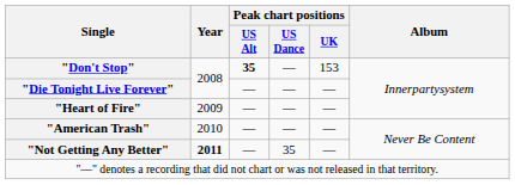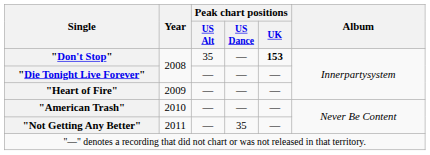 <table class="wikitable plainrowheaders" style="text-align:center;">
 <tr>
 <th scope="col" rowspan="2" style="width:14em;">Single</th>
 <th scope="col" rowspan="2" style="width:2.5em;">Year</th>
 <th scope="col" colspan="3">Peak chart positions</th>
 <th scope="col" rowspan="2" style="width:12em;">Album</th>
 </tr>
 <tr>
 <th scope="col" style="width:3em;font-size:90%;"><a href='#'>US<br>Alt</a><br></th>
 <th scope="col" style="width:3em;font-size:90%;"><a href='#'>US<br>Dance</a><br></th>
 <th scope="col" style="width:3em;font-size:90%;"><a href='#'>UK</a><br></th>
 </tr>
 <tr>
 <th scope="row">"<a href='#'>Don't Stop</a>"</th>
 <td rowspan="2">2008</td>
-<td><strong>35</strong></td>
+<td>35</td>
 <td>—</td>
-<td>153</td>
+<td><strong>153</strong></td>
 <td rowspan="3"><em>Innerpartysystem</em></td>
 </tr>
 <tr>
 <th scope="row">"<a href='#'>Die Tonight Live Forever</a>"</th>
 <td>—</td>
 <td>—</td>
 <td>—</td>
 </tr>
 <tr>
 <th scope="row">"Heart of Fire"</th>
 <td rowspan="1">2009</td>
 <td>—</td>
 <td>—</td>
 <td>—</td>
 </tr>
 <tr>
 <th scope="row">"American Trash"</th>
 <td rowspan="1">2010</td>
 <td>—</td>
 <td>—</td>
 <td>—</td>
 <td rowspan="2"><em>Never Be Content</em></td>
 </tr>
 <tr>
 <th scope="row">"Not Getting Any Better"</th>
-<td rowspan="1"><strong>2011</strong></td>
+<td rowspan="1">2011</td>
 <td>—</td>
 <td>35</td>
 <td>—</td>
 </tr>
 <tr>
 <td colspan="11" style="font-size:90%">"—" denotes a recording that did not chart or was not released in that territory.</td>
 </tr>
 </table>
